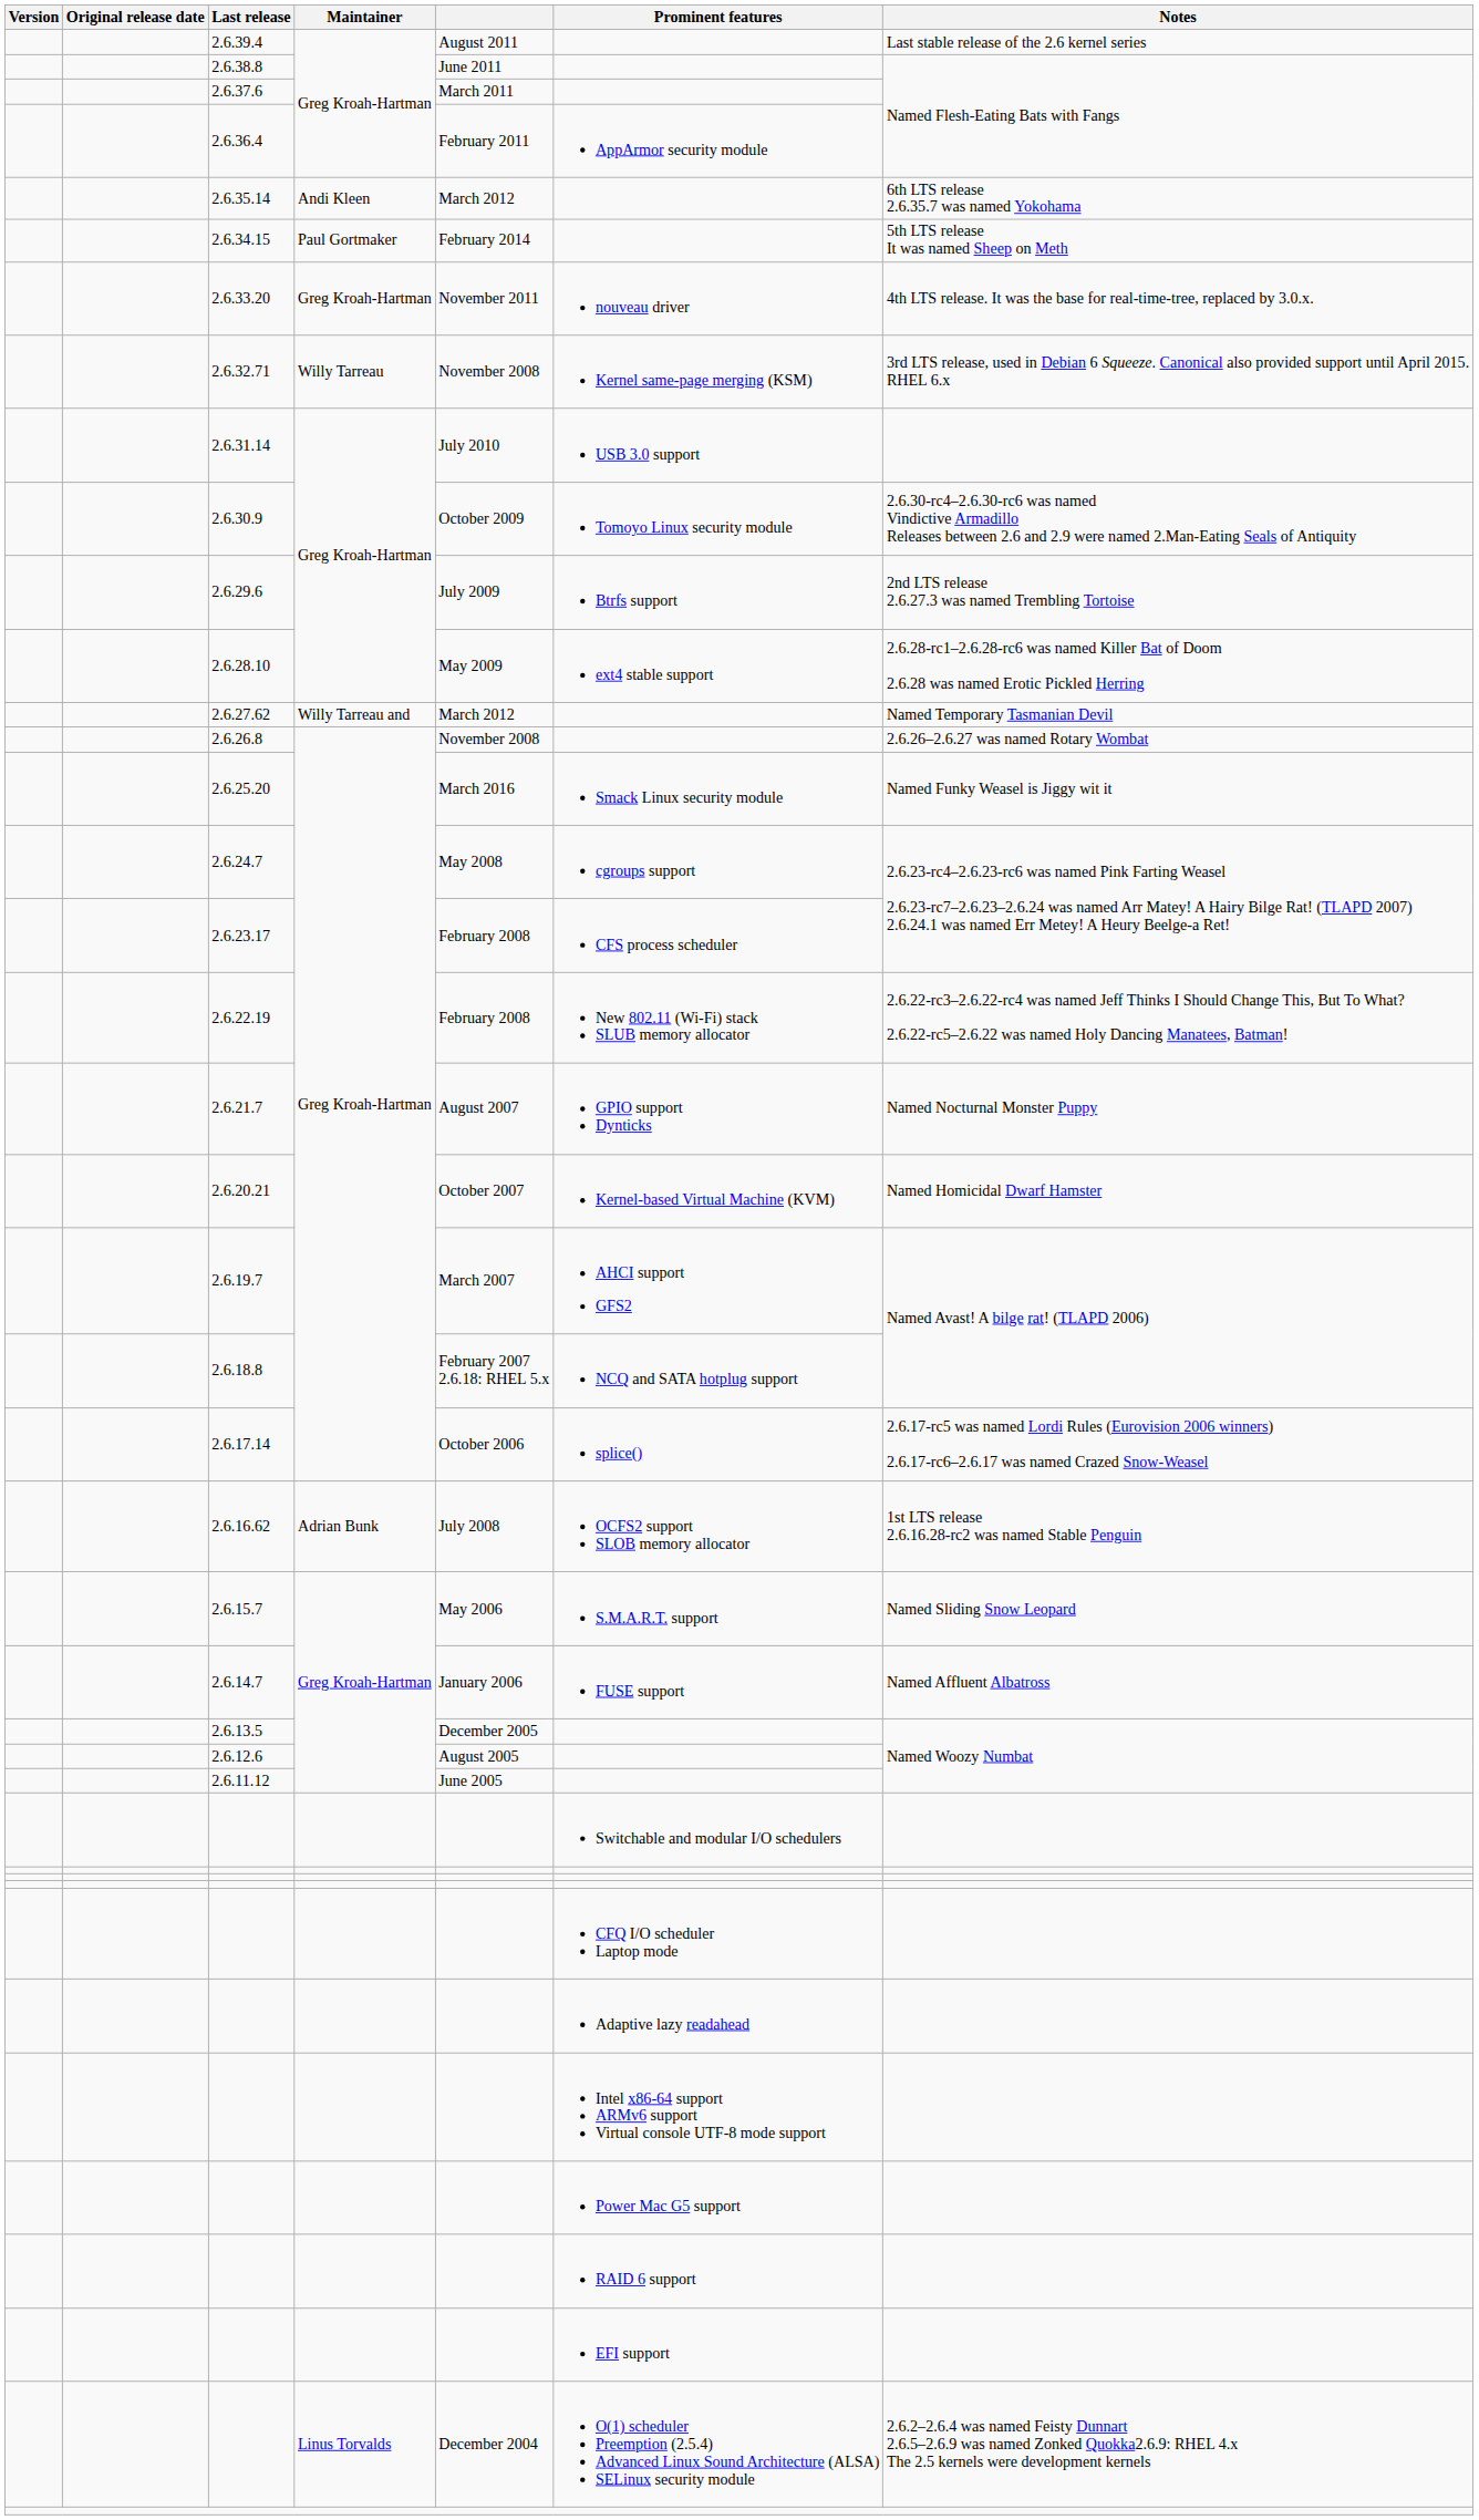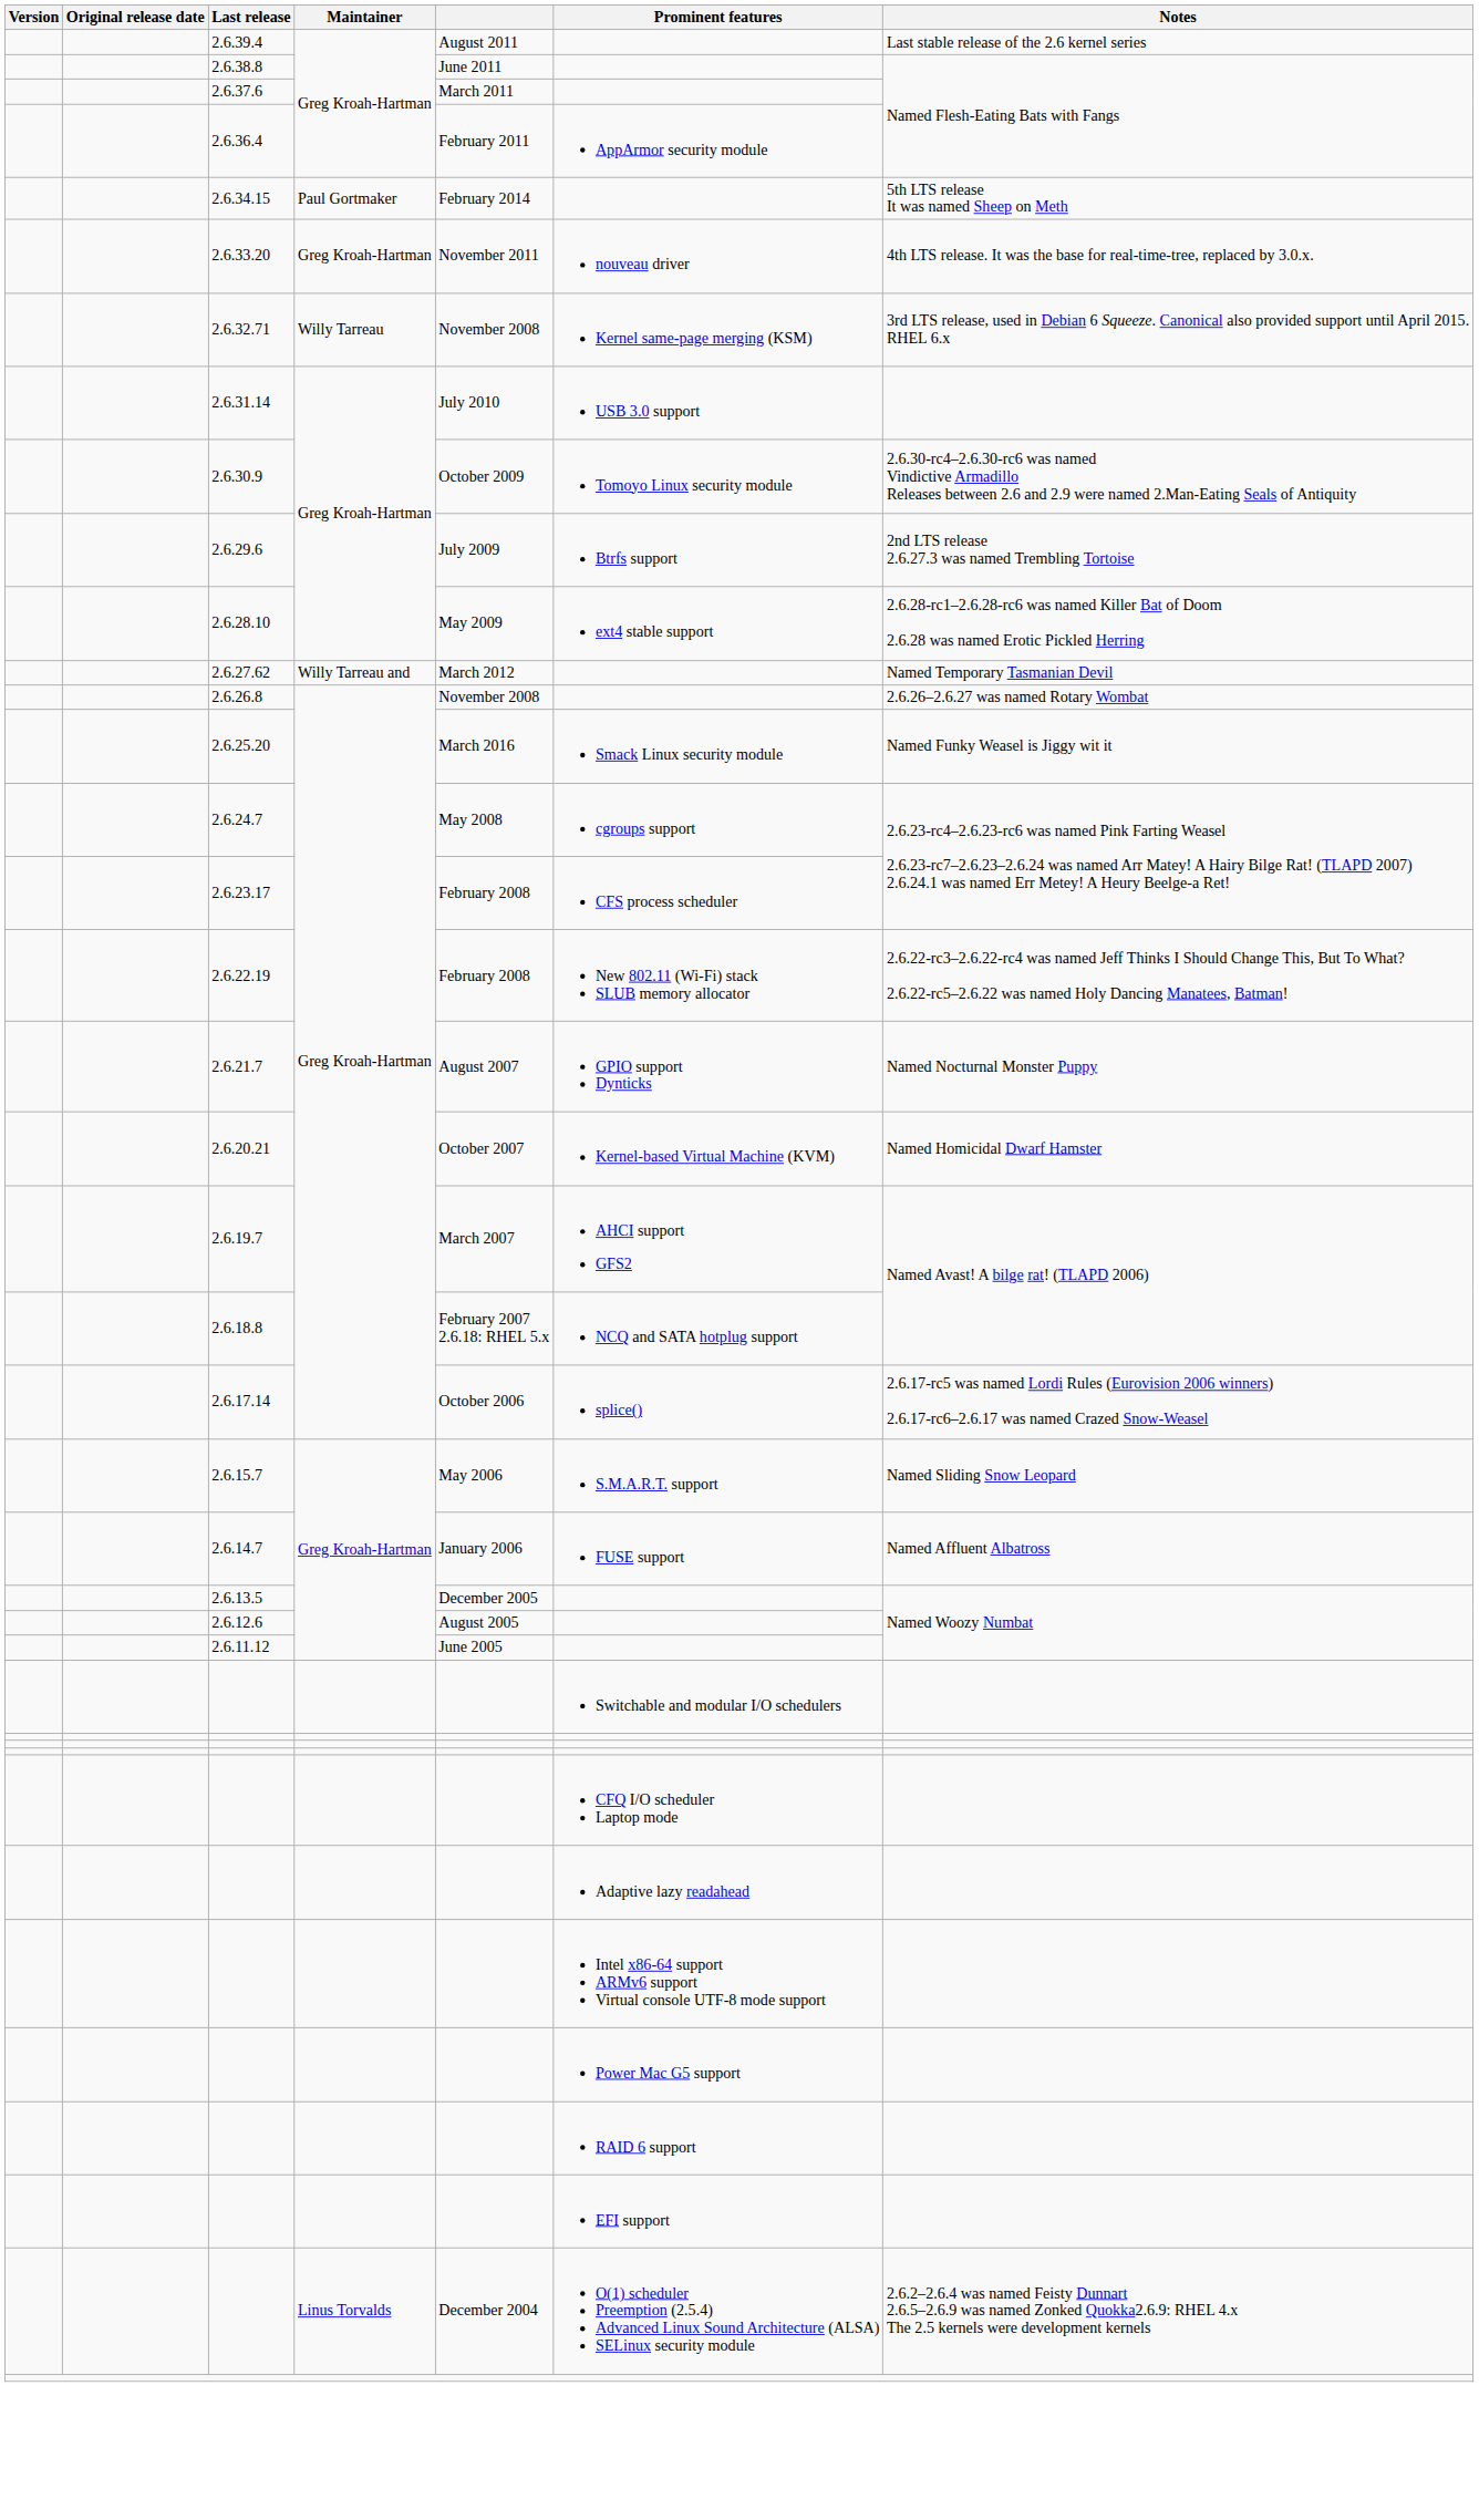 <table class="wikitable mw-collapsible">
 <tr>
 <th>Version</th>
 <th>Original release date</th>
 <th>Last release</th>
 <th>Maintainer</th>
 <th></th>
 <th>Prominent features</th>
 <th>Notes</th>
 </tr>
 <tr>
 <td></td>
 <td></td>
 <td>2.6.39.4</td>
 <td rowspan=4>Greg Kroah-Hartman</td>
 <td>August 2011</td>
 <td></td>
 <td>Last stable release of the 2.6 kernel series</td>
 </tr>
 <tr>
 <td></td>
 <td></td>
 <td>2.6.38.8</td>
 <td>June 2011</td>
 <td></td>
 <td rowspan="3">Named Flesh-Eating Bats with Fangs</td>
 </tr>
 <tr>
 <td></td>
 <td></td>
 <td>2.6.37.6</td>
 <td>March 2011</td>
 <td></td>
 </tr>
 <tr>
 <td></td>
 <td></td>
 <td>2.6.36.4</td>
 <td>February 2011</td>
 <td><br><ul><li><a href='#'>AppArmor</a> security module</li></ul></td>
-</tr>
-<tr>
-<td></td>
-<td></td>
-<td>2.6.35.14</td>
-<td>Andi Kleen</td>
-<td>March 2012</td>
-<td></td>
-<td>6th LTS release<br>2.6.35.7 was named <a href='#'>Yokohama</a></td>
 </tr>
 <tr>
 <td></td>
 <td></td>
 <td>2.6.34.15</td>
 <td>Paul Gortmaker</td>
 <td>February 2014</td>
 <td></td>
 <td>5th LTS release<br>It was named <a href='#'>Sheep</a> on <a href='#'>Meth</a><br></td>
 </tr>
 <tr>
 <td></td>
 <td></td>
 <td>2.6.33.20</td>
 <td>Greg Kroah-Hartman</td>
 <td>November 2011</td>
 <td><br><ul><li><a href='#'>nouveau</a> driver</li></ul></td>
 <td>4th LTS release. It was the base for real-time-tree, replaced by 3.0.x.</td>
 </tr>
 <tr>
 <td></td>
 <td></td>
 <td>2.6.32.71</td>
 <td>Willy Tarreau </td>
 <td>November 2008</td>
 <td><br><ul><li><a href='#'>Kernel same-page merging</a> (KSM)</li></ul></td>
 <td>3rd LTS release, used in <a href='#'>Debian</a> 6 <em>Squeeze</em>. <a href='#'>Canonical</a> also provided support until April 2015.<br>RHEL 6.x</td>
 </tr>
 <tr>
 <td></td>
 <td></td>
 <td>2.6.31.14</td>
 <td rowspan=4>Greg Kroah-Hartman</td>
 <td>July 2010</td>
 <td><br><ul><li><a href='#'>USB 3.0</a> support</li></ul></td>
 </tr>
 <tr>
 <td></td>
 <td></td>
 <td>2.6.30.9</td>
 <td>October 2009</td>
 <td><br><ul><li><a href='#'>Tomoyo Linux</a> security module</li></ul></td>
 <td>2.6.30-rc4–2.6.30-rc6 was named<br>Vindictive <a href='#'>Armadillo</a><br> Releases between 2.6 and 2.9 were named 2.Man-Eating <a href='#'>Seals</a> of Antiquity</td>
 </tr>
 <tr>
 <td></td>
 <td></td>
 <td>2.6.29.6</td>
 <td>July 2009</td>
 <td><br><ul><li><a href='#'>Btrfs</a> support</li></ul></td>
 <td>2nd LTS release<br>2.6.27.3 was named Trembling <a href='#'>Tortoise</a></td>
 </tr>
 <tr>
 <td></td>
 <td></td>
 <td>2.6.28.10</td>
 <td>May 2009</td>
 <td><br><ul><li><a href='#'>ext4</a> stable support</li></ul></td>
 <td>2.6.28-rc1–2.6.28-rc6 was named Killer <a href='#'>Bat</a> of Doom<br><br>2.6.28 was named Erotic Pickled <a href='#'>Herring</a></td>
 </tr>
 <tr>
 <td></td>
 <td></td>
 <td>2.6.27.62</td>
 <td>Willy Tarreau  and </td>
 <td>March 2012</td>
 <td></td>
 <td>Named Temporary <a href='#'>Tasmanian Devil</a></td>
 </tr>
 <tr>
 <td></td>
 <td></td>
 <td>2.6.26.8</td>
 <td rowspan=10>Greg Kroah-Hartman</td>
 <td>November 2008</td>
 <td></td>
 <td>2.6.26–2.6.27 was named Rotary <a href='#'>Wombat</a><br></td>
 </tr>
 <tr>
 <td></td>
 <td></td>
 <td>2.6.25.20</td>
 <td>March 2016</td>
 <td><br><ul><li><a href='#'>Smack</a> Linux security module</li></ul></td>
 <td>Named Funky Weasel is Jiggy wit it</td>
 </tr>
 <tr>
 <td></td>
 <td></td>
 <td>2.6.24.7</td>
 <td>May 2008</td>
 <td><br><ul><li><a href='#'>cgroups</a> support</li></ul></td>
 <td rowspan="2">2.6.23-rc4–2.6.23-rc6 was named Pink Farting Weasel<br><br>2.6.23-rc7–2.6.23–2.6.24 was named Arr Matey! A Hairy Bilge Rat! (<a href='#'>TLAPD</a> 2007)<br> 2.6.24.1 was named Err Metey! A Heury Beelge-a Ret!</td>
 </tr>
 <tr>
 <td></td>
 <td></td>
 <td>2.6.23.17</td>
 <td>February 2008</td>
 <td><br><ul><li><a href='#'>CFS</a> process scheduler</li></ul></td>
 </tr>
 <tr>
 <td></td>
 <td></td>
 <td>2.6.22.19</td>
 <td>February 2008</td>
 <td><br><ul><li>New <a href='#'>802.11</a> (Wi-Fi) stack</li><li><a href='#'>SLUB</a> memory allocator</li></ul></td>
 <td>2.6.22-rc3–2.6.22-rc4 was named Jeff Thinks I Should Change This, But To What?<br><br>2.6.22-rc5–2.6.22 was named Holy Dancing <a href='#'>Manatees</a>, <a href='#'>Batman</a>!</td>
 </tr>
 <tr>
 <td></td>
 <td></td>
 <td>2.6.21.7</td>
 <td>August 2007</td>
 <td><br><ul><li><a href='#'>GPIO</a> support</li><li><a href='#'>Dynticks</a></li></ul></td>
 <td>Named Nocturnal Monster <a href='#'>Puppy</a></td>
 </tr>
 <tr>
 <td></td>
 <td></td>
 <td>2.6.20.21</td>
 <td>October 2007</td>
 <td><br><ul><li><a href='#'>Kernel-based Virtual Machine</a> (KVM)</li></ul></td>
 <td>Named Homicidal <a href='#'>Dwarf Hamster</a></td>
 </tr>
 <tr>
 <td></td>
 <td></td>
 <td>2.6.19.7</td>
 <td>March 2007</td>
 <td><br><ul><li><a href='#'>AHCI</a> support</li></ul><ul><li><a href='#'>GFS2</a></li></ul></td>
 <td rowspan="2">Named Avast! A <a href='#'>bilge</a> <a href='#'>rat</a>! (<a href='#'>TLAPD</a> 2006)</td>
 </tr>
 <tr>
 <td></td>
 <td></td>
 <td>2.6.18.8</td>
 <td>February 2007<br>2.6.18: RHEL 5.x</td>
 <td><br><ul><li><a href='#'>NCQ</a> and SATA <a href='#'>hotplug</a> support</li></ul></td>
 </tr>
 <tr>
 <td></td>
 <td></td>
 <td>2.6.17.14</td>
 <td>October 2006</td>
 <td><br><ul><li><a href='#'>splice()</a></li></ul></td>
 <td>2.6.17-rc5 was named <a href='#'>Lordi</a> Rules (<a href='#'>Eurovision 2006 winners</a>)<br><br>2.6.17-rc6–2.6.17 was named Crazed <a href='#'>Snow-Weasel</a></td>
 </tr>
 <tr>
 <td></td>
 <td></td>
-<td>2.6.16.62</td>
-<td>Adrian Bunk </td>
-<td>July 2008</td>
-<td><br><ul><li><a href='#'>OCFS2</a> support</li><li><a href='#'>SLOB</a> memory allocator</li></ul></td>
-<td>1st LTS release<br>2.6.16.28-rc2 was named Stable <a href='#'>Penguin</a></td>
-</tr>
-<tr>
-<td></td>
-<td></td>
 <td>2.6.15.7</td>
 <td rowspan=5><a href='#'>Greg Kroah-Hartman</a></td>
 <td>May 2006</td>
 <td><br><ul><li><a href='#'>S.M.A.R.T.</a> support</li></ul></td>
 <td>Named Sliding <a href='#'>Snow Leopard</a></td>
 </tr>
 <tr>
 <td></td>
 <td></td>
 <td>2.6.14.7</td>
 <td>January 2006</td>
 <td><br><ul><li><a href='#'>FUSE</a> support</li></ul></td>
 <td>Named Affluent <a href='#'>Albatross</a></td>
 </tr>
 <tr>
 <td></td>
 <td></td>
 <td>2.6.13.5</td>
 <td>December 2005</td>
 <td></td>
 <td rowspan="3">Named Woozy <a href='#'>Numbat</a></td>
 </tr>
 <tr>
 <td></td>
 <td></td>
 <td>2.6.12.6</td>
 <td>August 2005</td>
 <td></td>
 </tr>
 <tr>
 <td></td>
 <td></td>
 <td>2.6.11.12</td>
 <td>June 2005</td>
 <td></td>
 </tr>
 <tr>
 <td></td>
 <td></td>
 <td></td>
 <td></td>
 <td></td>
 <td><br><ul><li>Switchable and modular I/O schedulers</li></ul></td>
 <td></td>
 </tr>
 <tr>
 <td></td>
 <td></td>
 <td></td>
 <td></td>
 <td></td>
 <td></td>
 <td></td>
 </tr>
 <tr>
 <td></td>
 <td></td>
 <td></td>
 <td></td>
 <td></td>
 <td></td>
 <td></td>
 </tr>
 <tr>
 <td></td>
 <td></td>
 <td></td>
 <td></td>
 <td></td>
 <td></td>
 <td></td>
 </tr>
 <tr>
 <td></td>
 <td></td>
 <td></td>
 <td></td>
 <td></td>
 <td><br><ul><li><a href='#'>CFQ</a> I/O scheduler</li><li>Laptop mode</li></ul></td>
 <td></td>
 </tr>
 <tr>
 <td></td>
 <td></td>
 <td></td>
 <td></td>
 <td></td>
 <td><br><ul><li>Adaptive lazy <a href='#'>readahead</a></li></ul></td>
 <td></td>
 </tr>
 <tr>
 <td></td>
 <td></td>
 <td></td>
 <td></td>
 <td></td>
 <td><br><ul><li>Intel <a href='#'>x86-64</a> support</li><li><a href='#'>ARMv6</a> support</li><li>Virtual console UTF-8 mode support</li></ul></td>
 <td></td>
 </tr>
 <tr>
 <td></td>
 <td></td>
 <td></td>
 <td></td>
 <td></td>
 <td><br><ul><li><a href='#'>Power Mac G5</a> support</li></ul></td>
 <td></td>
 </tr>
 <tr>
 <td></td>
 <td></td>
 <td></td>
 <td></td>
 <td></td>
 <td><br><ul><li><a href='#'>RAID 6</a> support</li></ul></td>
 <td></td>
 </tr>
 <tr>
 <td></td>
 <td></td>
 <td></td>
 <td></td>
 <td></td>
 <td><br><ul><li><a href='#'>EFI</a> support</li></ul></td>
 <td></td>
 </tr>
 <tr>
 <td></td>
 <td></td>
 <td></td>
 <td><a href='#'>Linus Torvalds</a></td>
 <td>December 2004</td>
 <td><br><ul><li><a href='#'>O(1) scheduler</a></li><li><a href='#'>Preemption</a> (2.5.4)</li><li><a href='#'>Advanced Linux Sound Architecture</a> (ALSA)</li><li><a href='#'>SELinux</a> security module</li></ul></td>
 <td>2.6.2–2.6.4 was named Feisty <a href='#'>Dunnart</a><br>2.6.5–2.6.9 was named Zonked <a href='#'>Quokka</a>2.6.9: RHEL 4.x<br>The 2.5 kernels were development kernels</td>
 </tr>
 <tr>
 <td colspan="7"><small></small></td>
 </tr>
 </table>
